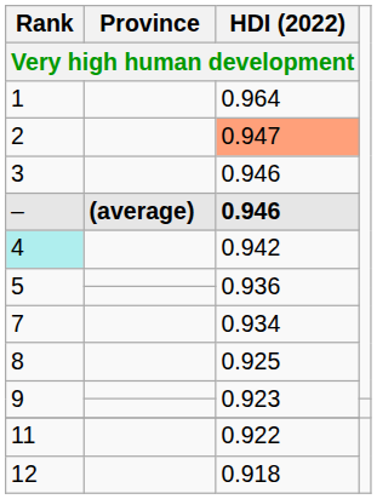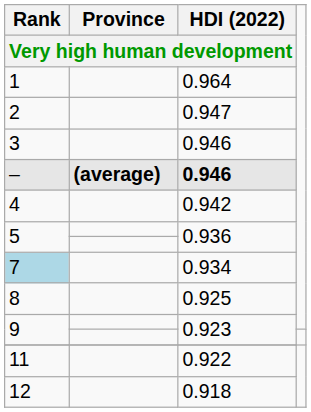 <table class="wikitable sortable">
 <tr>
 <th>Rank</th>
 <th>Province</th>
 <th>HDI (2022)</th>
 </tr>
 <tr>
 <th colspan="3" style="color:#090;">Very high human development</th>
 </tr>
 <tr>
 <td>1</td>
 <td></td>
 <td>0.964</td>
 </tr>
 <tr>
 <td>2</td>
 <td></td>
-<td style="background: lightsalmon;">0.947</td>
+<td>0.947</td>
 </tr>
 <tr>
 <td>3</td>
 <td></td>
 <td>0.946</td>
 </tr>
 <tr style="background:#e6e6e6">
 <td>–</td>
 <td><strong></strong> <strong>(average)</strong></td>
 <td><strong>0.946</strong></td>
 </tr>
 <tr>
-<td style="background: paleturquoise;">4</td>
+<td>4</td>
 <td></td>
 <td>0.942</td>
 </tr>
 <tr>
 <td rowspan="2">5</td>
 <td></td>
 <td rowspan="2">0.936</td>
 </tr>
 <tr>
 <td></td>
 </tr>
 <tr>
-<td>7</td>
+<td style="background: lightblue;">7</td>
 <td></td>
 <td>0.934</td>
 </tr>
 <tr>
 <td>8</td>
 <td></td>
 <td>0.925</td>
 </tr>
 <tr>
 <td rowspan="2">9</td>
 <td></td>
 <td rowspan="2">0.923</td>
 </tr>
 <tr>
 <td></td>
 <td></td>
 </tr>
 <tr>
 </tr>
 <tr>
 <td>11</td>
 <td></td>
 <td>0.922</td>
 </tr>
 <tr>
 <td>12</td>
 <td></td>
 <td>0.918</td>
 </tr>
 </table>
